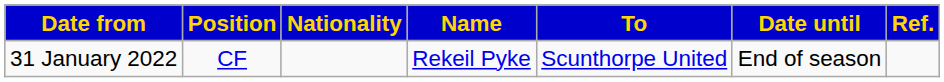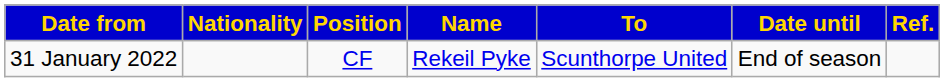 <table class="wikitable"  style="text-align:center; font-size:90%; ">
 <tr>
 <th style="background:mediumblue;color:gold;">Date from</th>
+<th style="background:mediumblue;color:gold;">Nationality</th>
 <th style="background:mediumblue;color:gold;">Position</th>
-<th style="background:mediumblue;color:gold;">Nationality</th>
 <th style="background:mediumblue;color:gold;">Name</th>
 <th style="background:mediumblue;color:gold;">To</th>
 <th style="background:mediumblue;color:gold;">Date until</th>
 <th style="background:mediumblue;color:gold;">Ref.</th>
 </tr>
 <tr>
 <td>31 January 2022</td>
+<td></td>
 <td><a href='#'>CF</a></td>
-<td></td>
 <td><a href='#'>Rekeil Pyke</a></td>
 <td> <a href='#'>Scunthorpe United</a></td>
 <td>End of season</td>
 <td></td>
 </tr>
 </table>
